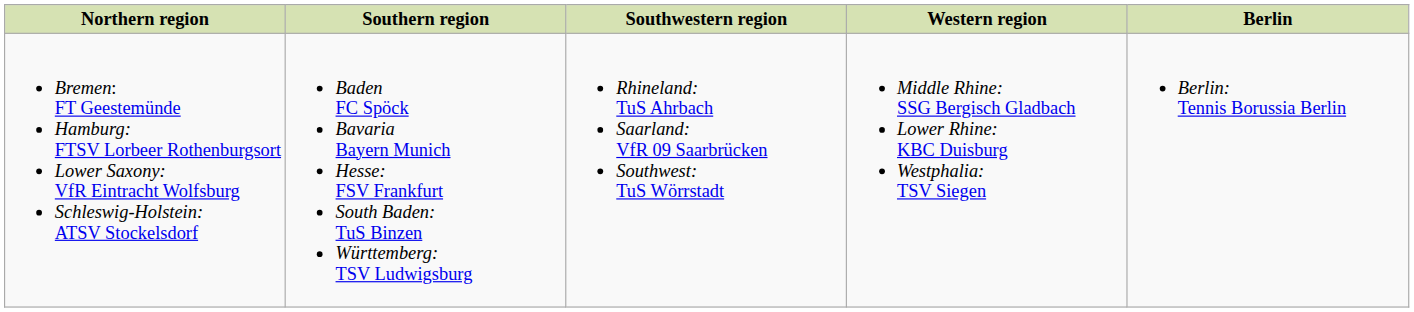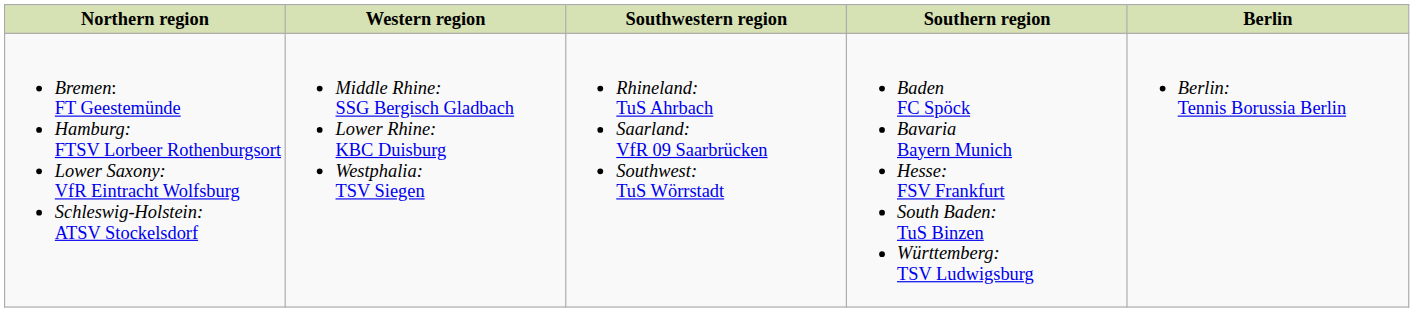 <table class="wikitable">
 <tr valign="top" style="background-color: #d6e2b3;">
 <td style="width: 20%; text-align:center;"><strong>Northern region</strong></td>
+<td style="width: 20%; text-align:center;"><strong>Western region</strong></td>
+<td style="width: 20%; text-align:center;"><strong>Southwestern region</strong></td>
 <td style="width: 20%; text-align:center;"><strong>Southern region</strong></td>
-<td style="width: 20%; text-align:center;"><strong>Southwestern region</strong></td>
-<td style="width: 20%; text-align:center;"><strong>Western region</strong></td>
 <td style="width: 20%; text-align:center;"><strong>Berlin</strong></td>
 </tr>
 <tr valign="top">
 <td><br><ul><li><em>Bremen</em>:<br><a href='#'>FT Geestemünde</a></li><li><em>Hamburg:</em><br><a href='#'>FTSV Lorbeer Rothenburgsort</a></li><li><em>Lower Saxony:</em><br><a href='#'>VfR Eintracht Wolfsburg</a></li><li><em>Schleswig-Holstein:</em><br><a href='#'>ATSV Stockelsdorf</a></li></ul></td>
+<td><br><ul><li><em>Middle Rhine:</em><br><a href='#'>SSG Bergisch Gladbach</a></li><li><em>Lower Rhine:</em><br><a href='#'>KBC Duisburg</a></li><li><em>Westphalia:</em><br><a href='#'>TSV Siegen</a></li></ul></td>
+<td><br><ul><li><em>Rhineland:</em><br><a href='#'>TuS Ahrbach</a></li><li><em>Saarland:</em> <br><a href='#'>VfR 09 Saarbrücken</a></li><li><em>Southwest:</em><br><a href='#'>TuS Wörrstadt</a></li></ul></td>
 <td><br><ul><li><em>Baden</em><br><a href='#'>FC Spöck</a></li><li><em>Bavaria</em><br><a href='#'>Bayern Munich</a></li><li><em>Hesse:</em><br><a href='#'>FSV Frankfurt</a></li><li><em>South Baden:</em><br><a href='#'>TuS Binzen</a></li><li><em>Württemberg:</em><br><a href='#'>TSV Ludwigsburg</a></li></ul></td>
-<td><br><ul><li><em>Rhineland:</em><br><a href='#'>TuS Ahrbach</a></li><li><em>Saarland:</em> <br><a href='#'>VfR 09 Saarbrücken</a></li><li><em>Southwest:</em><br><a href='#'>TuS Wörrstadt</a></li></ul></td>
-<td><br><ul><li><em>Middle Rhine:</em><br><a href='#'>SSG Bergisch Gladbach</a></li><li><em>Lower Rhine:</em><br><a href='#'>KBC Duisburg</a></li><li><em>Westphalia:</em><br><a href='#'>TSV Siegen</a></li></ul></td>
 <td><br><ul><li><em>Berlin:</em><br><a href='#'>Tennis Borussia Berlin</a></li></ul></td>
 </tr>
 </table>
